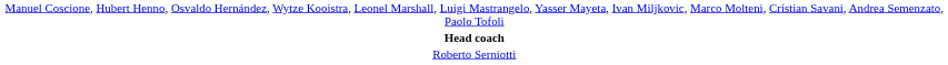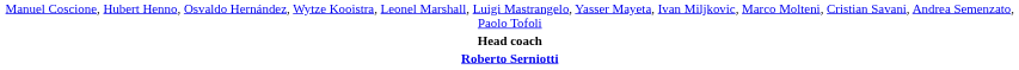 <table style="text-align: center; margin-top: 2em; margin-left: auto; margin-right: auto">
 <tr>
 <td><a href='#'>Manuel Coscione</a>, <a href='#'>Hubert Henno</a>, <a href='#'>Osvaldo Hernández</a>, <a href='#'>Wytze Kooistra</a>, <a href='#'>Leonel Marshall</a>, <a href='#'>Luigi Mastrangelo</a>, <a href='#'>Yasser Mayeta</a>, <a href='#'>Ivan Miljkovic</a>, <a href='#'>Marco Molteni</a>, <a href='#'>Cristian Savani</a>, <a href='#'>Andrea Semenzato</a>, <a href='#'>Paolo Tofoli</a></td>
 </tr>
 <tr>
 <td><strong>Head coach</strong></td>
 </tr>
 <tr>
-<td><a href='#'>Roberto Serniotti</a></td>
+<td><strong><a href='#'>Roberto Serniotti</a></strong></td>
 </tr>
 </table>
